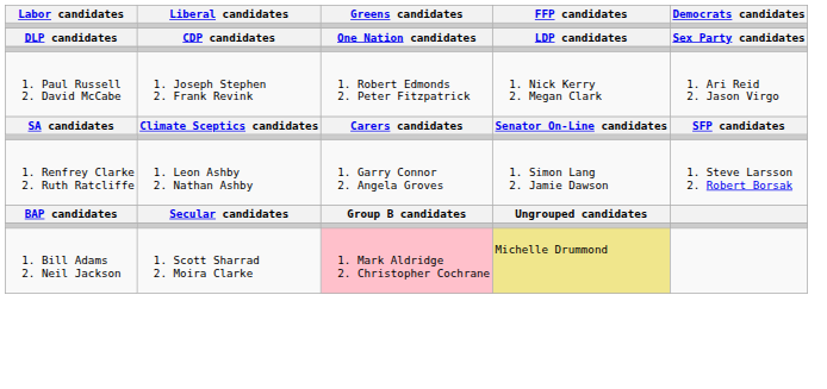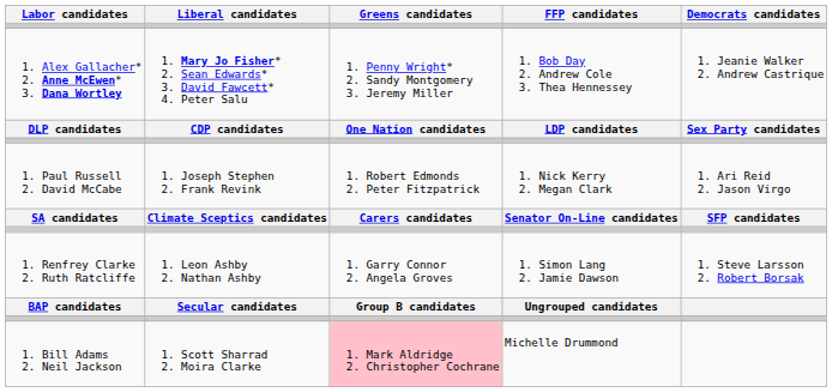 <table class="wikitable">
 <tr>
 <th><a href='#'>Labor</a> candidates</th>
 <th><a href='#'>Liberal</a> candidates</th>
 <th><a href='#'>Greens</a> candidates</th>
 <th><a href='#'>FFP</a> candidates</th>
 <th><a href='#'>Democrats</a> candidates</th>
 </tr>
 <tr style="background:#ccc;">
 <td></td>
 <td></td>
 <td></td>
 <td></td>
 <td></td>
+</tr>
+<tr>
+<td><br><ol><li><a href='#'>Alex Gallacher</a>*</li><li><strong><a href='#'>Anne McEwen</a></strong>*</li><li><strong><a href='#'>Dana Wortley</a></strong></li></ol></td>
+<td><br><ol><li><strong><a href='#'>Mary Jo Fisher</a></strong>*</li><li><a href='#'>Sean Edwards</a>*</li><li><a href='#'>David Fawcett</a>*</li><li>Peter Salu</li></ol></td>
+<td><br><ol><li><a href='#'>Penny Wright</a>*</li><li>Sandy Montgomery</li><li>Jeremy Miller</li></ol></td>
+<td valign=top><br><ol><li><a href='#'>Bob Day</a></li><li>Andrew Cole</li><li>Thea Hennessey</li></ol></td>
+<td valign=top><br><ol><li>Jeanie Walker</li><li>Andrew Castrique</li></ol></td>
 </tr>
 <tr style="background:#ccc;">
 <th><a href='#'>DLP</a> candidates</th>
 <th><a href='#'>CDP</a> candidates</th>
 <th><a href='#'>One Nation</a> candidates</th>
 <th><a href='#'>LDP</a> candidates</th>
 <th><a href='#'>Sex Party</a> candidates</th>
 </tr>
 <tr style="background:#ccc;">
 <td></td>
 <td></td>
 <td></td>
 <td></td>
 <td></td>
 </tr>
 <tr>
 <td valign=top><br><ol><li>Paul Russell</li><li>David McCabe</li></ol></td>
 <td valign=top><br><ol><li>Joseph Stephen</li><li>Frank Revink</li></ol></td>
 <td valign=top><br><ol><li>Robert Edmonds</li><li>Peter Fitzpatrick</li></ol></td>
 <td valign=top><br><ol><li>Nick Kerry</li><li>Megan Clark</li></ol></td>
 <td valign=top><br><ol><li>Ari Reid</li><li>Jason Virgo</li></ol></td>
 </tr>
 <tr style="background:#ccc;">
 <th><a href='#'>SA</a> candidates</th>
 <th><a href='#'>Climate Sceptics</a> candidates</th>
 <th><a href='#'>Carers</a> candidates</th>
 <th><a href='#'>Senator On-Line</a> candidates</th>
 <th><a href='#'>SFP</a> candidates</th>
 </tr>
 <tr style="background:#ccc;">
 <td></td>
 <td></td>
 <td></td>
 <td></td>
 <td></td>
 </tr>
 <tr>
 <td valign=top><br><ol><li>Renfrey Clarke</li><li>Ruth Ratcliffe</li></ol></td>
 <td valign=top><br><ol><li>Leon Ashby</li><li>Nathan Ashby</li></ol></td>
 <td valign=top><br><ol><li>Garry Connor</li><li>Angela Groves</li></ol></td>
 <td valign=top><br><ol><li>Simon Lang</li><li>Jamie Dawson</li></ol></td>
 <td valign=top><br><ol><li>Steve Larsson</li><li><a href='#'>Robert Borsak</a></li></ol></td>
 </tr>
 <tr style="background:#ccc;">
 <th><a href='#'>BAP</a> candidates</th>
 <th><a href='#'>Secular</a> candidates</th>
 <th>Group B candidates</th>
 <th>Ungrouped candidates</th>
 <th></th>
 </tr>
 <tr style="background:#ccc;">
 <td></td>
 <td></td>
 <td></td>
 <td></td>
 <td></td>
 </tr>
 <tr>
 <td valign=top><br><ol><li>Bill Adams</li><li>Neil Jackson</li></ol></td>
 <td valign=top><br><ol><li>Scott Sharrad</li><li>Moira Clarke</li></ol></td>
 <td valign=top style="background: pink;"><br><ol><li>Mark Aldridge</li><li>Christopher Cochrane</li></ol></td>
-<td valign=top style="background: khaki;"><br>Michelle Drummond</td>
+<td valign=top><br>Michelle Drummond</td>
 <td valign=top></td>
 </tr>
 </table>
